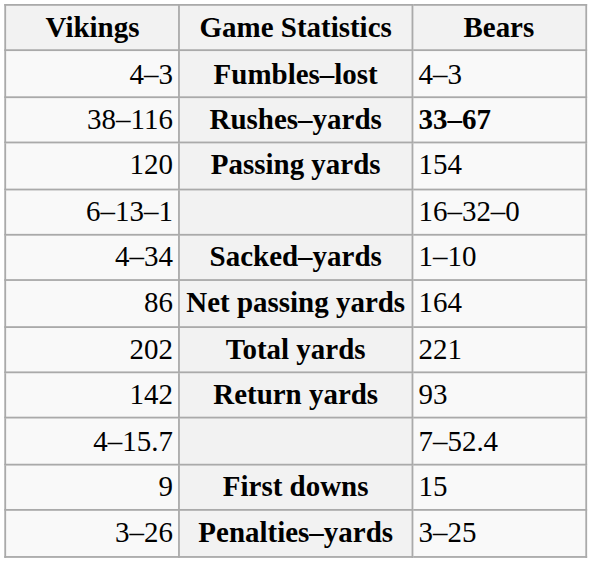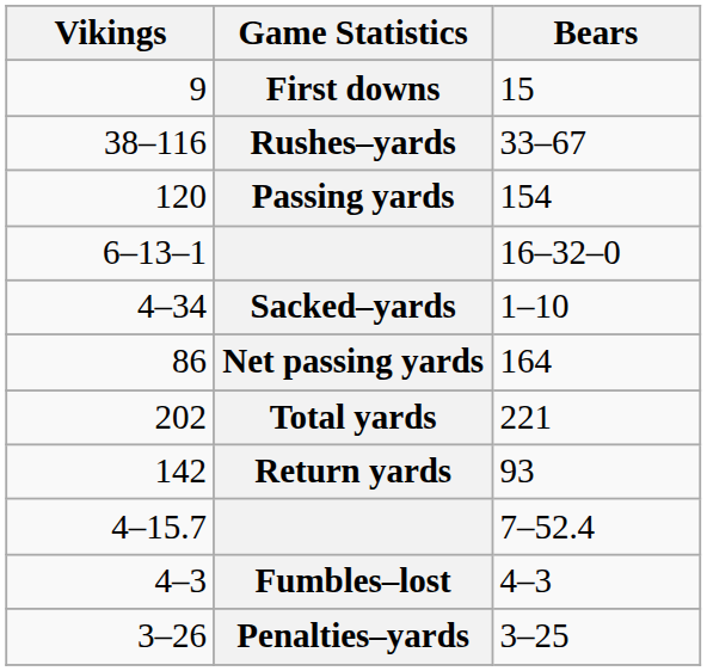 <table class="wikitable" style="margin: 1em auto 1em auto">
 <tr>
 <th style="width:30%;">Vikings</th>
 <th style="width:40%;">Game Statistics</th>
 <th style="width:30%;">Bears</th>
 </tr>
 <tr>
-<td style="text-align:right;">4–3</td>
-<th>Fumbles–lost</th>
-<td>4–3</td>
+<td style="text-align:right;">9</td>
+<th>First downs</th>
+<td>15</td>
 </tr>
 <tr>
 <td style="text-align:right;">38–116</td>
 <th>Rushes–yards</th>
-<td><strong>33–67</strong></td>
+<td>33–67</td>
 </tr>
 <tr>
 <td style="text-align:right;">120</td>
 <th>Passing yards</th>
 <td>154</td>
 </tr>
 <tr>
 <td style="text-align:right;">6–13–1</td>
 <th></th>
 <td>16–32–0</td>
 </tr>
 <tr>
 <td style="text-align:right;">4–34</td>
 <th>Sacked–yards</th>
 <td>1–10</td>
 </tr>
 <tr>
 <td style="text-align:right;">86</td>
 <th>Net passing yards</th>
 <td>164</td>
 </tr>
 <tr>
 <td style="text-align:right;">202</td>
 <th>Total yards</th>
 <td>221</td>
 </tr>
 <tr>
 <td style="text-align:right;">142</td>
 <th>Return yards</th>
 <td>93</td>
 </tr>
 <tr>
 <td style="text-align:right;">4–15.7</td>
 <th></th>
 <td>7–52.4</td>
 </tr>
 <tr>
-<td style="text-align:right;">9</td>
-<th>First downs</th>
-<td>15</td>
+<td style="text-align:right;">4–3</td>
+<th>Fumbles–lost</th>
+<td>4–3</td>
 </tr>
 <tr>
 <td style="text-align:right;">3–26</td>
 <th>Penalties–yards</th>
 <td>3–25</td>
 </tr>
 </table>
